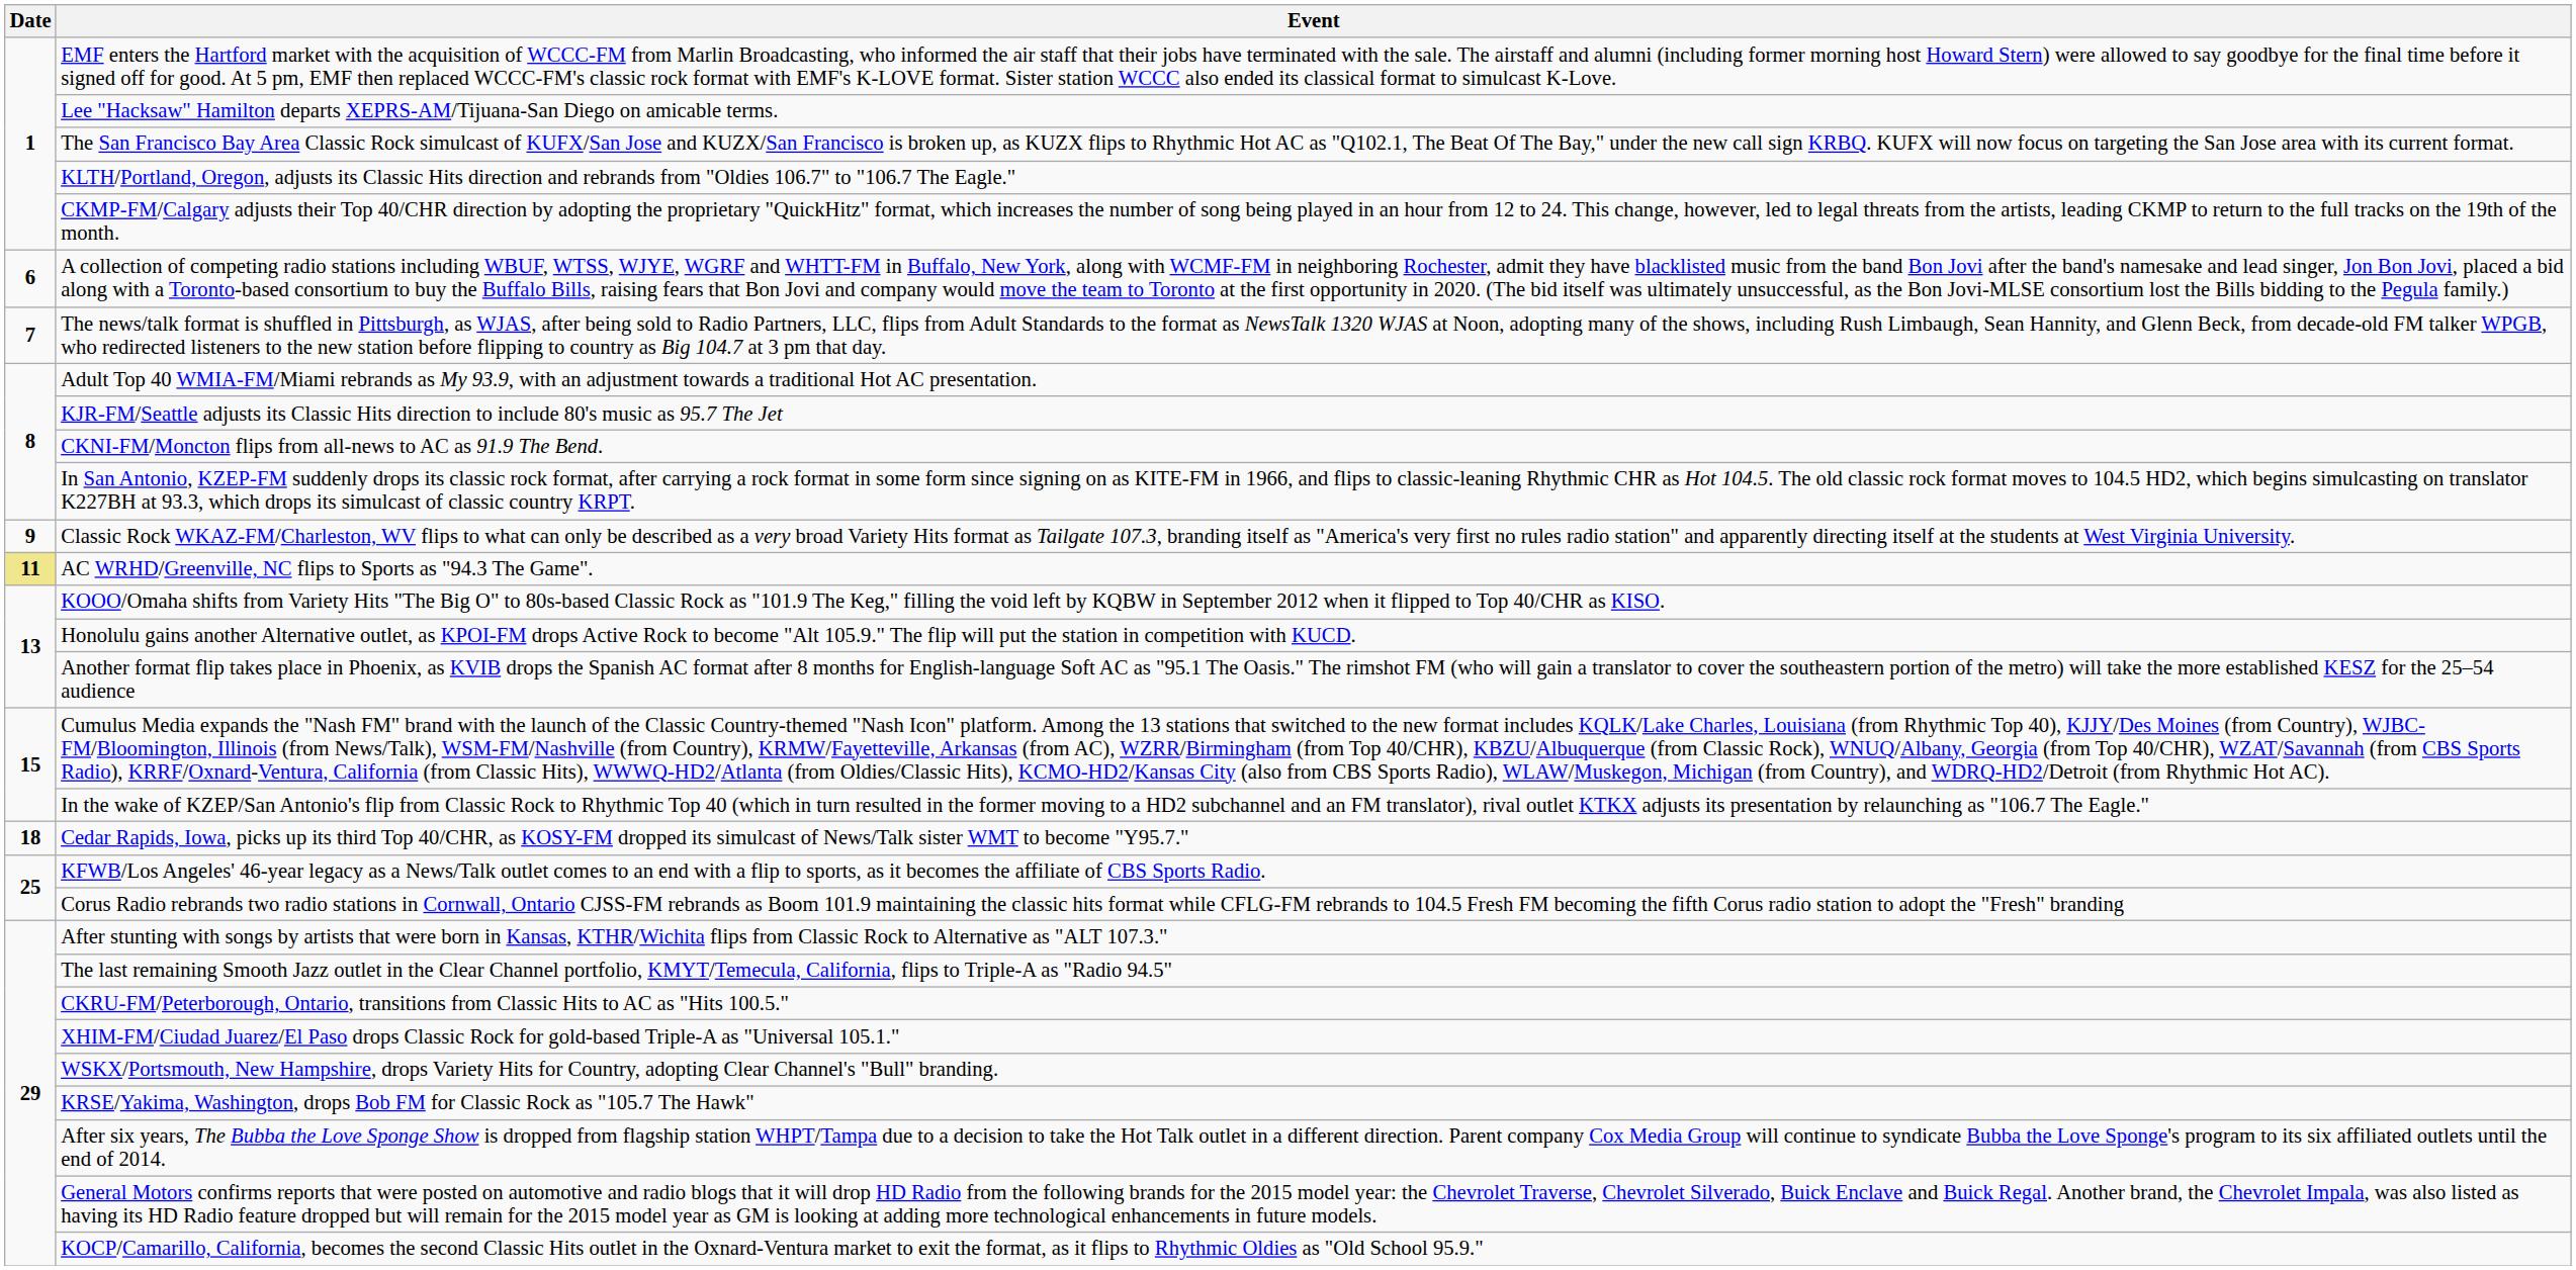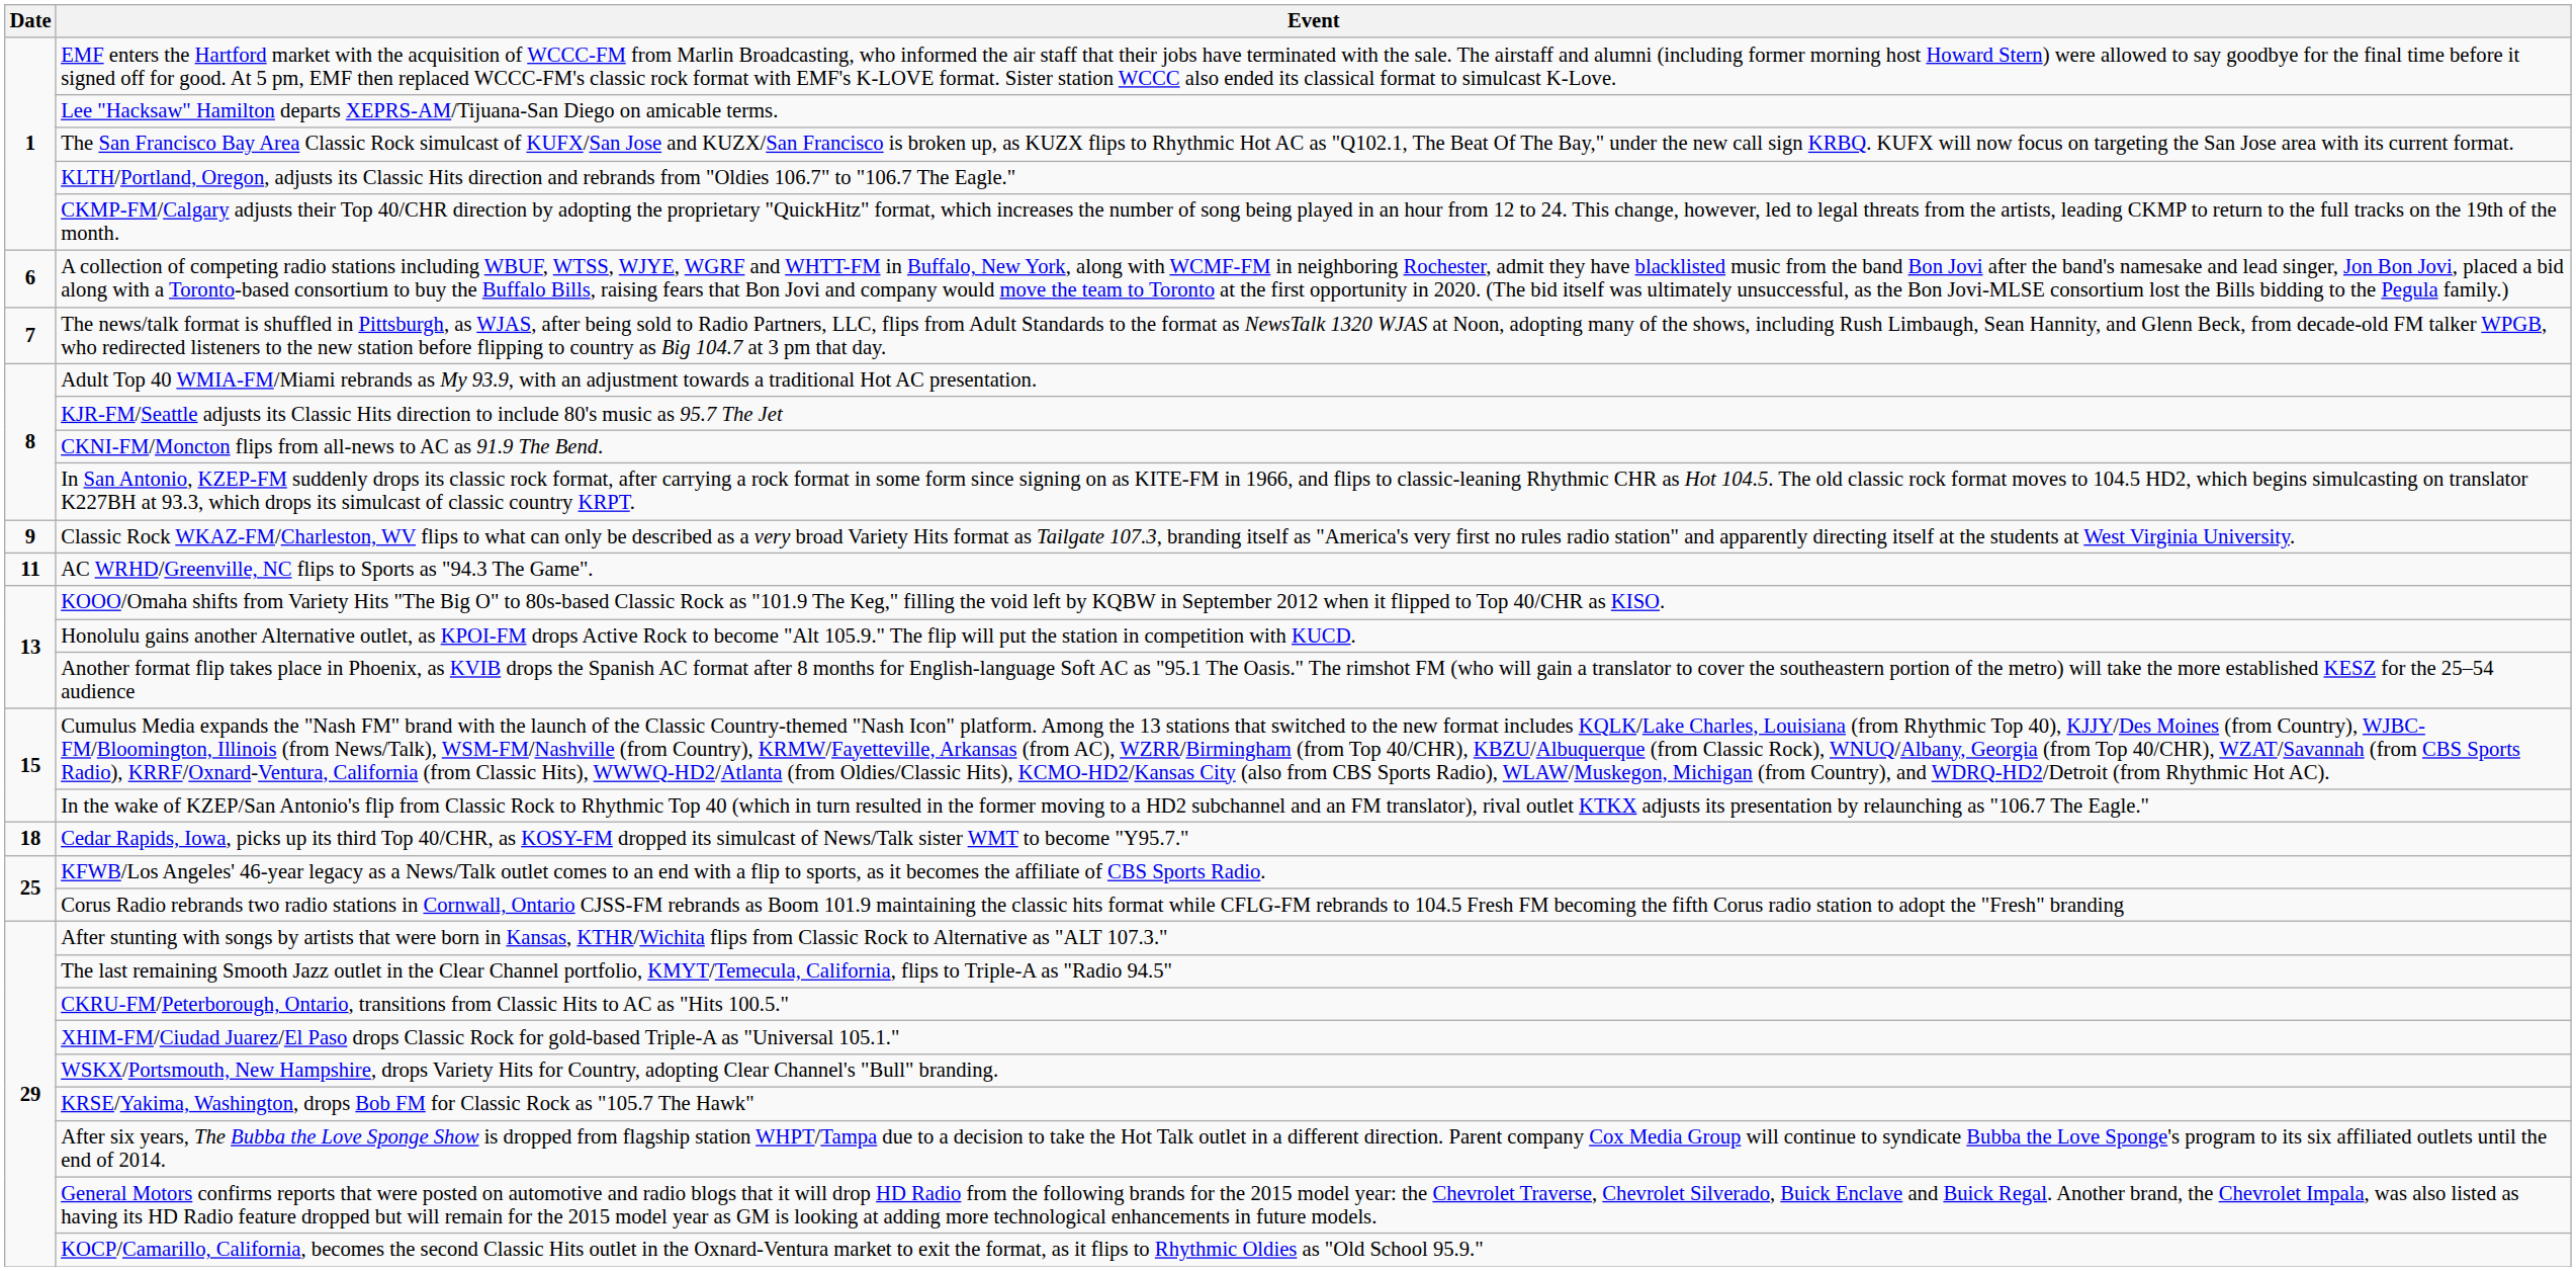 <table class="wikitable">
 <tr>
 <th>Date</th>
 <th>Event</th>
 </tr>
 <tr>
 <td style="text-align:center;" rowspan=5><strong>1</strong></td>
 <td><a href='#'>EMF</a> enters the <a href='#'>Hartford</a> market with the acquisition of <a href='#'>WCCC-FM</a> from Marlin Broadcasting, who informed the air staff that their jobs have terminated with the sale. The airstaff and alumni (including former morning host <a href='#'>Howard Stern</a>) were allowed to say goodbye for the final time before it signed off for good. At 5 pm, EMF then replaced WCCC-FM's classic rock format with EMF's K-LOVE format. Sister station <a href='#'>WCCC</a> also ended its classical format to simulcast K-Love.</td>
 </tr>
 <tr>
 <td><a href='#'>Lee "Hacksaw" Hamilton</a> departs <a href='#'>XEPRS-AM</a>/Tijuana-San Diego on amicable terms.</td>
 </tr>
 <tr>
 <td>The <a href='#'>San Francisco Bay Area</a> Classic Rock simulcast of <a href='#'>KUFX</a>/<a href='#'>San Jose</a> and KUZX/<a href='#'>San Francisco</a> is broken up, as KUZX flips to Rhythmic Hot AC as "Q102.1, The Beat Of The Bay," under the new call sign <a href='#'>KRBQ</a>. KUFX will now focus on targeting the San Jose area with its current format.</td>
 </tr>
 <tr>
 <td><a href='#'>KLTH</a>/<a href='#'>Portland, Oregon</a>, adjusts its Classic Hits direction and rebrands from "Oldies 106.7" to "106.7 The Eagle."</td>
 </tr>
 <tr>
 <td><a href='#'>CKMP-FM</a>/<a href='#'>Calgary</a> adjusts their Top 40/CHR direction by adopting the proprietary "QuickHitz" format, which increases the number of song being played in an hour from 12 to 24. This change, however, led to legal threats from the artists, leading CKMP to return to the full tracks on the 19th of the month.</td>
 </tr>
 <tr>
 <td style="text-align:center;"><strong>6</strong></td>
 <td>A collection of competing radio stations including <a href='#'>WBUF</a>, <a href='#'>WTSS</a>, <a href='#'>WJYE</a>, <a href='#'>WGRF</a> and <a href='#'>WHTT-FM</a> in <a href='#'>Buffalo, New York</a>, along with <a href='#'>WCMF-FM</a> in neighboring <a href='#'>Rochester</a>, admit they have <a href='#'>blacklisted</a> music from the band <a href='#'>Bon Jovi</a> after the band's namesake and lead singer, <a href='#'>Jon Bon Jovi</a>, placed a bid along with a <a href='#'>Toronto</a>-based consortium to buy the <a href='#'>Buffalo Bills</a>, raising fears that Bon Jovi and company would <a href='#'>move the team to Toronto</a> at the first opportunity in 2020. (The bid itself was ultimately unsuccessful, as the Bon Jovi-MLSE consortium lost the Bills bidding to the <a href='#'>Pegula</a> family.)</td>
 </tr>
 <tr>
 <td style="text-align:center;"><strong>7</strong></td>
 <td>The news/talk format is shuffled in <a href='#'>Pittsburgh</a>, as <a href='#'>WJAS</a>, after being sold to Radio Partners, LLC, flips from Adult Standards to the format as <em>NewsTalk 1320 WJAS</em> at Noon, adopting many of the shows, including Rush Limbaugh, Sean Hannity, and Glenn Beck, from decade-old FM talker <a href='#'>WPGB</a>, who redirected listeners to the new station before flipping to country as <em>Big 104.7</em> at 3 pm that day.</td>
 </tr>
 <tr>
 <td style="text-align:center;" rowspan=4><strong>8</strong></td>
 <td>Adult Top 40 <a href='#'>WMIA-FM</a>/Miami rebrands as <em>My 93.9</em>, with an adjustment towards a traditional Hot AC presentation.</td>
 </tr>
 <tr>
 <td><a href='#'>KJR-FM</a>/<a href='#'>Seattle</a> adjusts its Classic Hits direction to include 80's music as <em>95.7 The Jet</em></td>
 </tr>
 <tr>
 <td><a href='#'>CKNI-FM</a>/<a href='#'>Moncton</a> flips from all-news to AC as <em>91.9 The Bend</em>.</td>
 </tr>
 <tr>
 <td>In <a href='#'>San Antonio</a>, <a href='#'>KZEP-FM</a> suddenly drops its classic rock format, after carrying a rock format in some form since signing on as KITE-FM in 1966, and flips to classic-leaning Rhythmic CHR as <em>Hot 104.5</em>. The old classic rock format moves to 104.5 HD2, which begins simulcasting on translator K227BH at 93.3, which drops its simulcast of classic country <a href='#'>KRPT</a>.</td>
 </tr>
 <tr>
 <td style="text-align:center;"><strong>9</strong></td>
 <td>Classic Rock <a href='#'>WKAZ-FM</a>/<a href='#'>Charleston, WV</a> flips to what can only be described as a <em>very</em> broad Variety Hits format as <em>Tailgate 107.3</em>, branding itself as "America's very first no rules radio station" and apparently directing itself at the students at <a href='#'>West Virginia University</a>.</td>
 </tr>
 <tr>
-<td style="background: khaki; text-align:center;"><strong>11</strong></td>
+<td style="text-align:center;"><strong>11</strong></td>
 <td>AC <a href='#'>WRHD</a>/<a href='#'>Greenville, NC</a> flips to Sports as "94.3 The Game".</td>
 </tr>
 <tr>
 <td style="text-align:center;" rowspan=3><strong>13</strong></td>
 <td><a href='#'>KOOO</a>/Omaha shifts from Variety Hits "The Big O" to 80s-based Classic Rock as "101.9 The Keg," filling the void left by KQBW in September 2012 when it flipped to Top 40/CHR as <a href='#'>KISO</a>.</td>
 </tr>
 <tr>
 <td>Honolulu gains another Alternative outlet, as <a href='#'>KPOI-FM</a> drops Active Rock to become "Alt 105.9." The flip will put the station in competition with <a href='#'>KUCD</a>.</td>
 </tr>
 <tr>
 <td>Another format flip takes place in Phoenix, as <a href='#'>KVIB</a> drops the Spanish AC format after 8 months for English-language Soft AC as "95.1 The Oasis." The rimshot FM (who will gain a translator to cover the southeastern portion of the metro) will take the more established <a href='#'>KESZ</a> for the 25–54 audience</td>
 </tr>
 <tr>
 <td style="text-align:center;" rowspan=2><strong>15</strong></td>
 <td>Cumulus Media expands the "Nash FM" brand with the launch of the Classic Country-themed "Nash Icon" platform. Among the 13 stations that switched to the new format includes <a href='#'>KQLK</a>/<a href='#'>Lake Charles, Louisiana</a> (from Rhythmic Top 40), <a href='#'>KJJY</a>/<a href='#'>Des Moines</a> (from Country), <a href='#'>WJBC-FM</a>/<a href='#'>Bloomington, Illinois</a> (from News/Talk), <a href='#'>WSM-FM</a>/<a href='#'>Nashville</a> (from Country), <a href='#'>KRMW</a>/<a href='#'>Fayetteville, Arkansas</a> (from AC), <a href='#'>WZRR</a>/<a href='#'>Birmingham</a> (from Top 40/CHR), <a href='#'>KBZU</a>/<a href='#'>Albuquerque</a> (from Classic Rock), <a href='#'>WNUQ</a>/<a href='#'>Albany, Georgia</a> (from Top 40/CHR), <a href='#'>WZAT</a>/<a href='#'>Savannah</a> (from <a href='#'>CBS Sports Radio</a>), <a href='#'>KRRF</a>/<a href='#'>Oxnard</a>-<a href='#'>Ventura, California</a> (from Classic Hits), <a href='#'>WWWQ-HD2</a>/<a href='#'>Atlanta</a> (from Oldies/Classic Hits), <a href='#'>KCMO-HD2</a>/<a href='#'>Kansas City</a> (also from CBS Sports Radio), <a href='#'>WLAW</a>/<a href='#'>Muskegon, Michigan</a> (from Country), and <a href='#'>WDRQ-HD2</a>/Detroit (from Rhythmic Hot AC).</td>
 </tr>
 <tr>
 <td>In the wake of KZEP/San Antonio's flip from Classic Rock to Rhythmic Top 40 (which in turn resulted in the former moving to a HD2 subchannel and an FM translator), rival outlet <a href='#'>KTKX</a> adjusts its presentation by relaunching as "106.7 The Eagle."</td>
 </tr>
 <tr>
 <td style="text-align:center;"><strong>18</strong></td>
 <td><a href='#'>Cedar Rapids, Iowa</a>, picks up its third Top 40/CHR, as <a href='#'>KOSY-FM</a> dropped its simulcast of News/Talk sister <a href='#'>WMT</a> to become "Y95.7."</td>
 </tr>
 <tr>
 <td style="text-align:center;" rowspan=2><strong>25</strong></td>
 <td><a href='#'>KFWB</a>/Los Angeles' 46-year legacy as a News/Talk outlet comes to an end with a flip to sports, as it becomes the affiliate of <a href='#'>CBS Sports Radio</a>.</td>
 </tr>
 <tr>
 <td>Corus Radio rebrands two radio stations in <a href='#'>Cornwall, Ontario</a> CJSS-FM rebrands as Boom 101.9 maintaining the classic hits format while CFLG-FM rebrands to 104.5 Fresh FM becoming the fifth Corus radio station to adopt the "Fresh" branding</td>
 </tr>
 <tr>
 <td style="text-align:center;" rowspan=9><strong>29</strong></td>
 <td>After stunting with songs by artists that were born in <a href='#'>Kansas</a>, <a href='#'>KTHR</a>/<a href='#'>Wichita</a> flips from Classic Rock to Alternative as "ALT 107.3."</td>
 </tr>
 <tr>
 <td>The last remaining Smooth Jazz outlet in the Clear Channel portfolio, <a href='#'>KMYT</a>/<a href='#'>Temecula, California</a>, flips to Triple-A as "Radio 94.5"</td>
 </tr>
 <tr>
 <td><a href='#'>CKRU-FM</a>/<a href='#'>Peterborough, Ontario</a>, transitions from Classic Hits to AC as "Hits 100.5."</td>
 </tr>
 <tr>
 <td><a href='#'>XHIM-FM</a>/<a href='#'>Ciudad Juarez</a>/<a href='#'>El Paso</a> drops Classic Rock for gold-based Triple-A as "Universal 105.1."</td>
 </tr>
 <tr>
 <td><a href='#'>WSKX</a>/<a href='#'>Portsmouth, New Hampshire</a>, drops Variety Hits for Country, adopting Clear Channel's "Bull" branding.</td>
 </tr>
 <tr>
 <td><a href='#'>KRSE</a>/<a href='#'>Yakima, Washington</a>, drops <a href='#'>Bob FM</a> for Classic Rock as "105.7 The Hawk"</td>
 </tr>
 <tr>
 <td>After six years, <em>The <a href='#'>Bubba the Love Sponge Show</a></em> is dropped from flagship station <a href='#'>WHPT</a>/<a href='#'>Tampa</a> due to a decision to take the Hot Talk outlet in a different direction. Parent company <a href='#'>Cox Media Group</a> will continue to syndicate <a href='#'>Bubba the Love Sponge</a>'s program to its six affiliated outlets until the end of 2014.</td>
 </tr>
 <tr>
 <td><a href='#'>General Motors</a> confirms reports that were posted on automotive and radio blogs that it will drop <a href='#'>HD Radio</a> from the following brands for the 2015 model year: the <a href='#'>Chevrolet Traverse</a>, <a href='#'>Chevrolet Silverado</a>, <a href='#'>Buick Enclave</a> and <a href='#'>Buick Regal</a>. Another brand, the <a href='#'>Chevrolet Impala</a>, was also listed as having its HD Radio feature dropped but will remain for the 2015 model year as GM is looking at adding more technological enhancements in future models.</td>
 </tr>
 <tr>
 <td><a href='#'>KOCP</a>/<a href='#'>Camarillo, California</a>, becomes the second Classic Hits outlet in the Oxnard-Ventura market to exit the format, as it flips to <a href='#'>Rhythmic Oldies</a> as "Old School 95.9."</td>
 </tr>
 </table>
